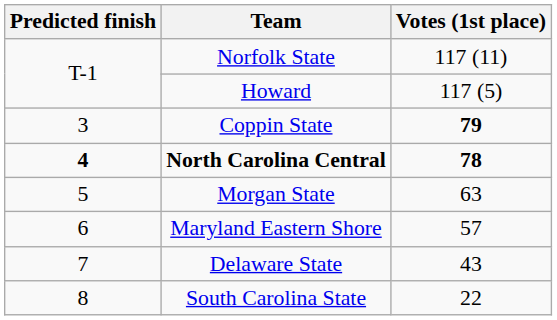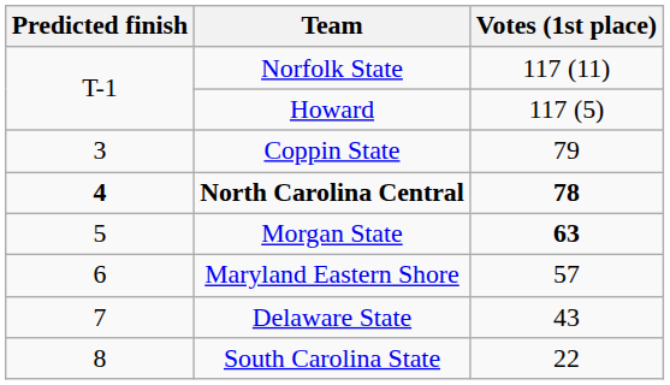 <table class="wikitable" border="1">
 <tr align=center>
 <th>Predicted finish</th>
 <th>Team</th>
 <th>Votes (1st place)</th>
 </tr>
 <tr align="center">
 <td rowspan=2>T-1</td>
 <td><a href='#'>Norfolk State</a></td>
 <td>117 (11)</td>
 </tr>
 <tr align="center">
 <td><a href='#'>Howard</a></td>
 <td>117 (5)</td>
 </tr>
 <tr align="center">
 <td>3</td>
 <td><a href='#'>Coppin State</a></td>
-<td><strong>79</strong></td>
+<td>79</td>
 </tr>
 <tr align="center">
 <td><strong>4</strong></td>
 <td><strong>North Carolina Central</strong></td>
 <td><strong>78</strong></td>
 </tr>
 <tr align="center">
 <td>5</td>
 <td><a href='#'>Morgan State</a></td>
-<td>63</td>
+<td><strong>63</strong></td>
 </tr>
 <tr align="center">
 <td>6</td>
 <td><a href='#'>Maryland Eastern Shore</a></td>
 <td>57</td>
 </tr>
 <tr align="center">
 <td>7</td>
 <td><a href='#'>Delaware State</a></td>
 <td>43</td>
 </tr>
 <tr align="center">
 <td>8</td>
 <td><a href='#'>South Carolina State</a></td>
 <td>22</td>
 </tr>
 </table>
